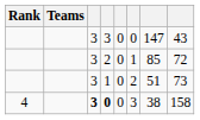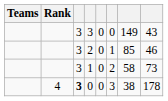 <table class="wikitable" style="text-align: center;">
 <tr>
+<th>Teams</th>
 <th>Rank</th>
-<th>Teams</th>
 <th></th>
 <th></th>
 <th></th>
 <th></th>
 <th></th>
 <th></th>
 </tr>
 <tr>
+<td align=left></td>
 <td></td>
-<td align=left></td>
 <td>3</td>
 <td>3</td>
 <td>0</td>
 <td>0</td>
-<td>147</td>
+<td>149</td>
 <td>43</td>
 </tr>
 <tr>
+<td align=left></td>
 <td></td>
-<td align=left></td>
 <td>3</td>
 <td>2</td>
 <td>0</td>
 <td>1</td>
 <td>85</td>
-<td>72</td>
+<td>46</td>
 </tr>
 <tr>
+<td align=left></td>
 <td></td>
-<td align=left></td>
 <td>3</td>
 <td>1</td>
 <td>0</td>
 <td>2</td>
-<td>51</td>
+<td>58</td>
 <td>73</td>
 </tr>
 <tr>
+<td align=left></td>
 <td>4</td>
-<td align=left></td>
 <td><strong>3</strong></td>
-<td><strong>0</strong></td>
+<td>0</td>
 <td>0</td>
 <td>3</td>
 <td>38</td>
-<td>158</td>
+<td>178</td>
 </tr>
 </table>
